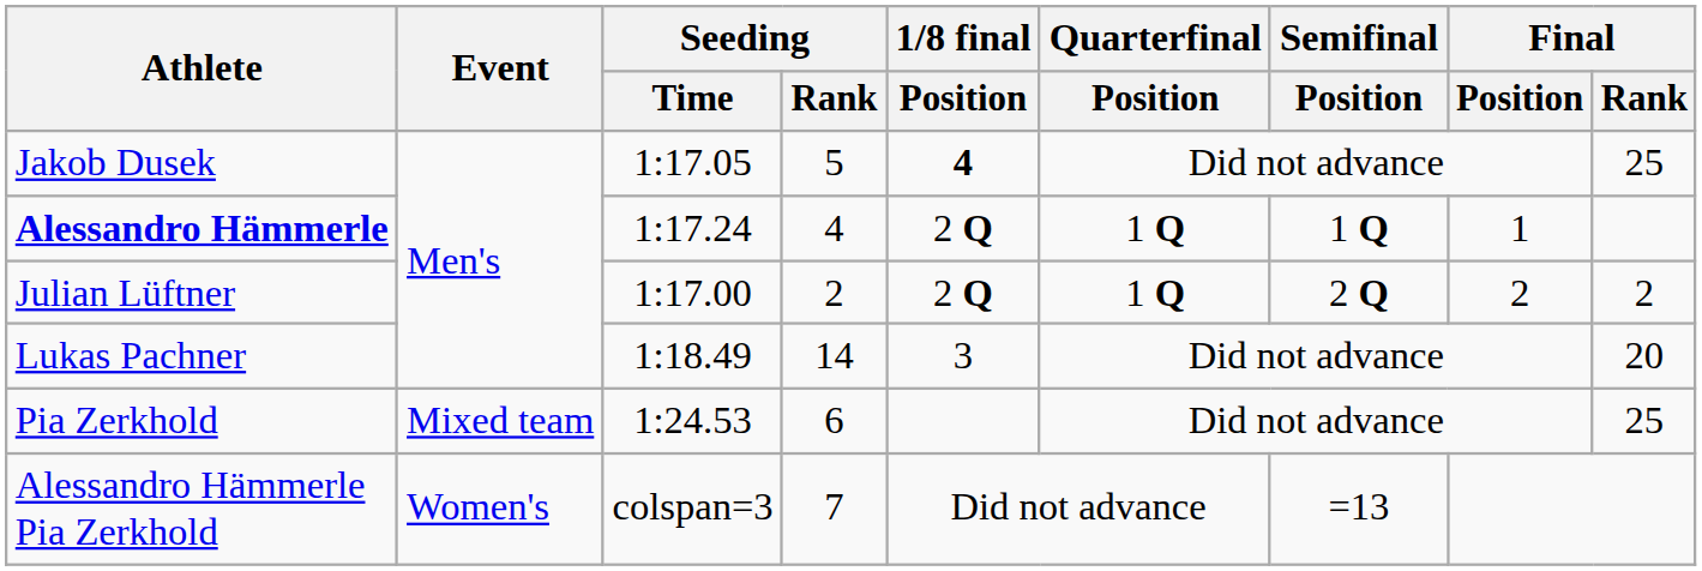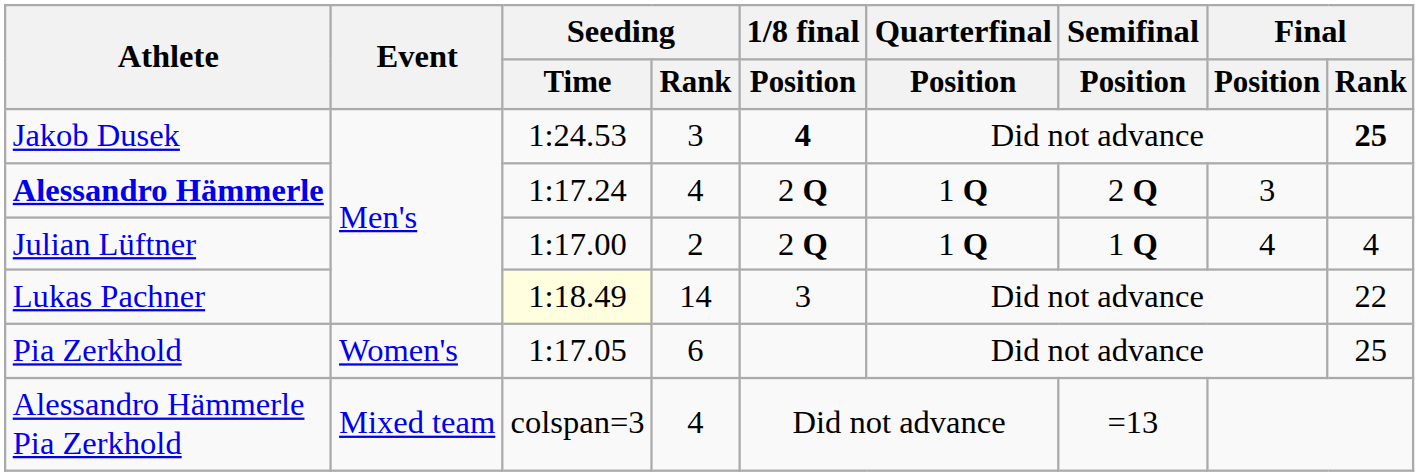 <table class=wikitable style="font-size:90%; text-align:center">
 <tr>
 <th rowspan=2>Athlete</th>
 <th rowspan=2>Event</th>
 <th colspan=2>Seeding</th>
 <th>1/8 final</th>
 <th>Quarterfinal</th>
 <th>Semifinal</th>
 <th colspan=2>Final</th>
 </tr>
 <tr style=font-size:95%>
 <th>Time</th>
 <th>Rank</th>
 <th>Position</th>
 <th>Position</th>
 <th>Position</th>
 <th>Position</th>
 <th>Rank</th>
 </tr>
 <tr>
 <td align=left><a href='#'>Jakob Dusek</a></td>
 <td align=left rowspan=4><a href='#'>Men's</a></td>
-<td>1:17.05</td>
-<td>5</td>
+<td>1:24.53</td>
+<td>3</td>
 <td><strong>4</strong></td>
 <td colspan=3>Did not advance</td>
-<td>25</td>
+<td><strong>25</strong></td>
 </tr>
 <tr>
 <td align=left><strong><a href='#'>Alessandro Hämmerle</a></strong></td>
 <td>1:17.24</td>
 <td>4</td>
 <td>2 <strong>Q</strong></td>
 <td>1 <strong>Q</strong></td>
-<td>1 <strong>Q</strong></td>
-<td>1</td>
+<td>2 <strong>Q</strong></td>
+<td>3</td>
 <td></td>
 </tr>
 <tr>
 <td align=left><a href='#'>Julian Lüftner</a></td>
 <td>1:17.00</td>
 <td>2</td>
 <td>2 <strong>Q</strong></td>
 <td>1 <strong>Q</strong></td>
-<td>2 <strong>Q</strong></td>
-<td>2</td>
-<td>2</td>
+<td>1 <strong>Q</strong></td>
+<td>4</td>
+<td>4</td>
 </tr>
 <tr>
 <td align=left><a href='#'>Lukas Pachner</a></td>
-<td>1:18.49</td>
+<td style="background: lightyellow;">1:18.49</td>
 <td>14</td>
 <td>3</td>
 <td colspan=3>Did not advance</td>
-<td>20</td>
+<td>22</td>
 </tr>
 <tr>
 <td align=left><a href='#'>Pia Zerkhold</a></td>
-<td align=left><a href='#'>Mixed team</a></td>
-<td>1:24.53</td>
+<td align=left><a href='#'>Women's</a></td>
+<td>1:17.05</td>
 <td>6</td>
 <td></td>
 <td colspan=3>Did not advance</td>
 <td>25</td>
 </tr>
 <tr>
 <td align=left><a href='#'>Alessandro Hämmerle</a><br><a href='#'>Pia Zerkhold</a></td>
-<td align=left><a href='#'>Women's</a></td>
+<td align=left><a href='#'>Mixed team</a></td>
 <td>colspan=3 </td>
-<td>7</td>
+<td>4</td>
 <td colspan=2>Did not advance</td>
 <td>=13</td>
 </tr>
 </table>
